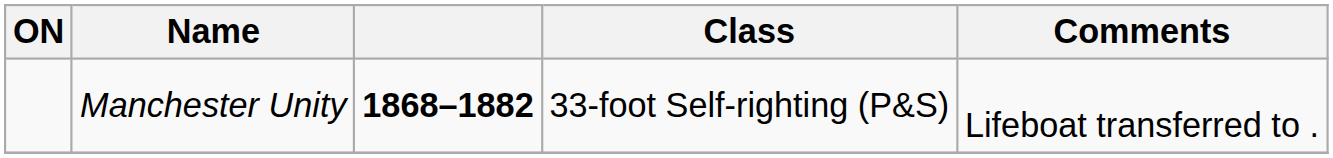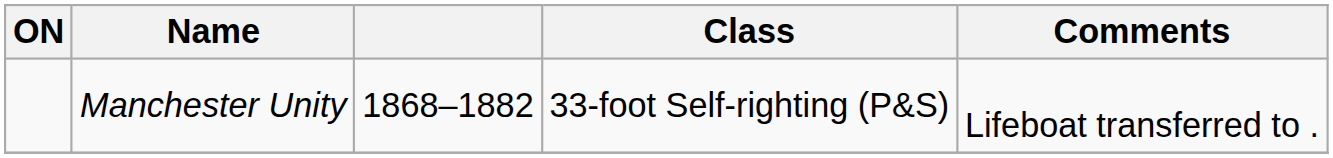 <table class="wikitable">
 <tr>
 <th>ON</th>
 <th>Name</th>
 <th></th>
 <th>Class</th>
 <th>Comments</th>
 </tr>
 <tr>
 <td></td>
 <td><em>Manchester Unity</em></td>
-<td><strong>1868–1882</strong></td>
+<td>1868–1882</td>
 <td>33-foot Self-righting (P&S)</td>
 <td><br>Lifeboat transferred to .</td>
 </tr>
 <tr>
 </tr>
 </table>
